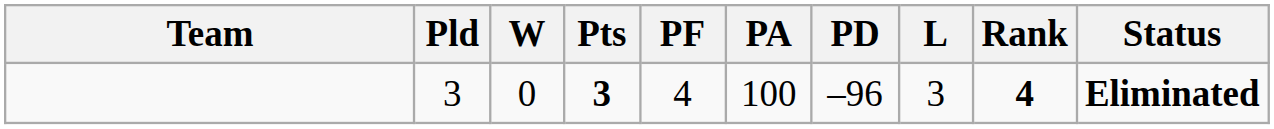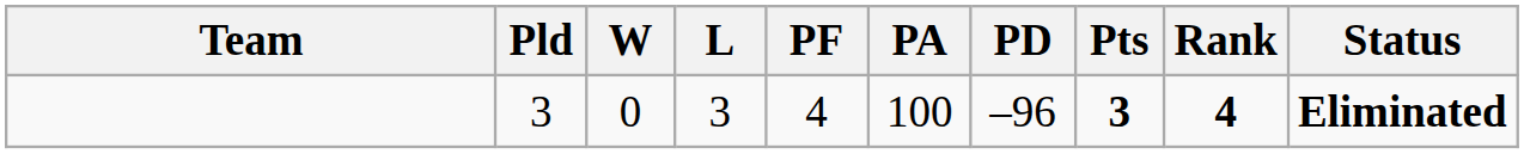 <table class=wikitable style="text-align:center">
 <tr>
 <th width=170>Team</th>
 <th width=25>Pld</th>
 <th width=25>W</th>
-<th width=25>Pts</th>
+<th width=25>L</th>
 <th width=30>PF</th>
 <th width=30>PA</th>
 <th width=30>PD</th>
-<th width=25>L</th>
+<th width=25>Pts</th>
 <th width=25>Rank</th>
 <th width=25>Status</th>
 </tr>
 <tr>
 <td style="text-align:center"></td>
 <td>3</td>
 <td>0</td>
-<td><strong>3</strong></td>
+<td>3</td>
 <td>4</td>
 <td>100</td>
 <td>–96</td>
-<td>3</td>
+<td><strong>3</strong></td>
 <td><strong>4</strong></td>
 <td><strong>Eliminated</strong></td>
 </tr>
 </table>
